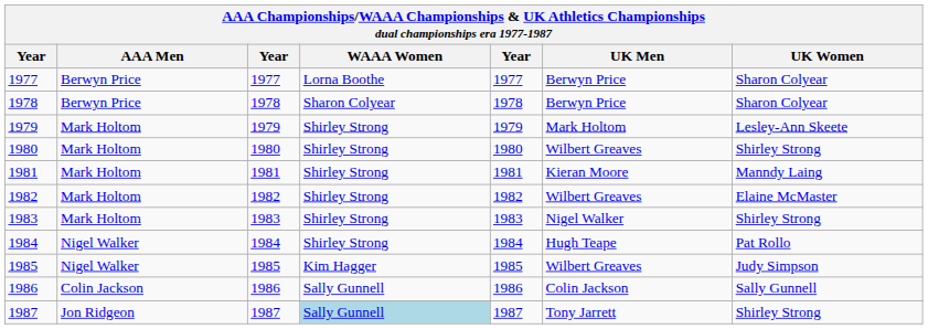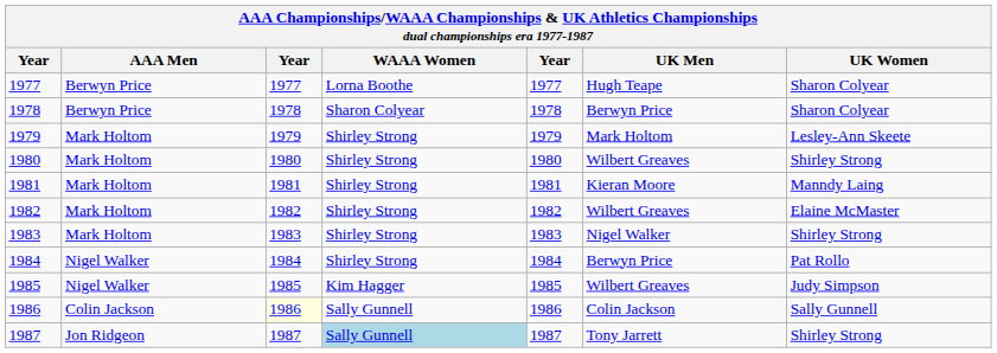 <table class="wikitable">
 <tr>
 <th colspan="7"><a href='#'>AAA Championships</a>/<a href='#'>WAAA Championships</a> & <a href='#'>UK Athletics Championships</a><br><em><small>dual championships era 1977-1987</small></em></th>
 </tr>
 <tr>
 <th width=50>Year</th>
 <th width=200>AAA Men</th>
 <th width=50>Year</th>
 <th width=200>WAAA Women</th>
 <th width=50>Year</th>
 <th width=200>UK Men</th>
 <th width=200>UK Women</th>
 </tr>
 <tr>
 <td><a href='#'>1977</a></td>
 <td><a href='#'>Berwyn Price</a></td>
 <td><a href='#'>1977</a></td>
 <td><a href='#'>Lorna Boothe</a></td>
 <td><a href='#'>1977</a></td>
-<td><a href='#'>Berwyn Price</a></td>
+<td><a href='#'>Hugh Teape</a></td>
 <td><a href='#'>Sharon Colyear</a></td>
 </tr>
 <tr>
 <td><a href='#'>1978</a></td>
 <td><a href='#'>Berwyn Price</a></td>
 <td><a href='#'>1978</a></td>
 <td><a href='#'>Sharon Colyear</a></td>
 <td><a href='#'>1978</a></td>
 <td><a href='#'>Berwyn Price</a></td>
 <td><a href='#'>Sharon Colyear</a></td>
 </tr>
 <tr>
 <td><a href='#'>1979</a></td>
 <td><a href='#'>Mark Holtom</a></td>
 <td><a href='#'>1979</a></td>
 <td><a href='#'>Shirley Strong</a></td>
 <td><a href='#'>1979</a></td>
 <td><a href='#'>Mark Holtom</a></td>
 <td><a href='#'>Lesley-Ann Skeete</a></td>
 </tr>
 <tr>
 <td><a href='#'>1980</a></td>
 <td><a href='#'>Mark Holtom</a></td>
 <td><a href='#'>1980</a></td>
 <td><a href='#'>Shirley Strong</a></td>
 <td><a href='#'>1980</a></td>
 <td><a href='#'>Wilbert Greaves</a></td>
 <td><a href='#'>Shirley Strong</a></td>
 </tr>
 <tr>
 <td><a href='#'>1981</a></td>
 <td><a href='#'>Mark Holtom</a></td>
 <td><a href='#'>1981</a></td>
 <td><a href='#'>Shirley Strong</a></td>
 <td><a href='#'>1981</a></td>
 <td><a href='#'>Kieran Moore</a></td>
 <td><a href='#'>Manndy Laing</a></td>
 </tr>
 <tr>
 <td><a href='#'>1982</a></td>
 <td><a href='#'>Mark Holtom</a></td>
 <td><a href='#'>1982</a></td>
 <td><a href='#'>Shirley Strong</a></td>
 <td><a href='#'>1982</a></td>
 <td><a href='#'>Wilbert Greaves</a></td>
 <td><a href='#'>Elaine McMaster</a></td>
 </tr>
 <tr>
 <td><a href='#'>1983</a></td>
 <td><a href='#'>Mark Holtom</a></td>
 <td><a href='#'>1983</a></td>
 <td><a href='#'>Shirley Strong</a></td>
 <td><a href='#'>1983</a></td>
 <td><a href='#'>Nigel Walker</a></td>
 <td><a href='#'>Shirley Strong</a></td>
 </tr>
 <tr>
 <td><a href='#'>1984</a></td>
 <td><a href='#'>Nigel Walker</a></td>
 <td><a href='#'>1984</a></td>
 <td><a href='#'>Shirley Strong</a></td>
 <td><a href='#'>1984</a></td>
-<td><a href='#'>Hugh Teape</a></td>
+<td><a href='#'>Berwyn Price</a></td>
 <td><a href='#'>Pat Rollo</a></td>
 </tr>
 <tr>
 <td><a href='#'>1985</a></td>
 <td><a href='#'>Nigel Walker</a></td>
 <td><a href='#'>1985</a></td>
 <td><a href='#'>Kim Hagger</a></td>
 <td><a href='#'>1985</a></td>
 <td><a href='#'>Wilbert Greaves</a></td>
 <td><a href='#'>Judy Simpson</a></td>
 </tr>
 <tr>
 <td><a href='#'>1986</a></td>
 <td><a href='#'>Colin Jackson</a></td>
-<td><a href='#'>1986</a></td>
+<td style="background: lightyellow;"><a href='#'>1986</a></td>
 <td><a href='#'>Sally Gunnell</a></td>
 <td><a href='#'>1986</a></td>
 <td><a href='#'>Colin Jackson</a></td>
 <td><a href='#'>Sally Gunnell</a></td>
 </tr>
 <tr>
 <td><a href='#'>1987</a></td>
 <td><a href='#'>Jon Ridgeon</a></td>
 <td><a href='#'>1987</a></td>
 <td style="background: lightblue;"><a href='#'>Sally Gunnell</a></td>
 <td><a href='#'>1987</a></td>
 <td><a href='#'>Tony Jarrett</a></td>
 <td><a href='#'>Shirley Strong</a></td>
 </tr>
 </table>
